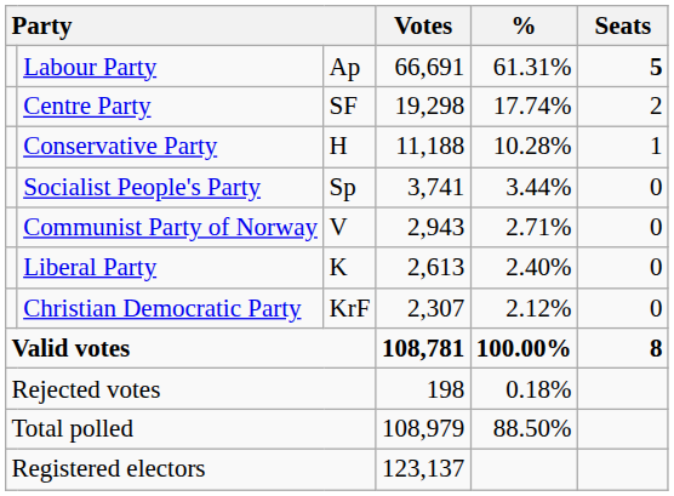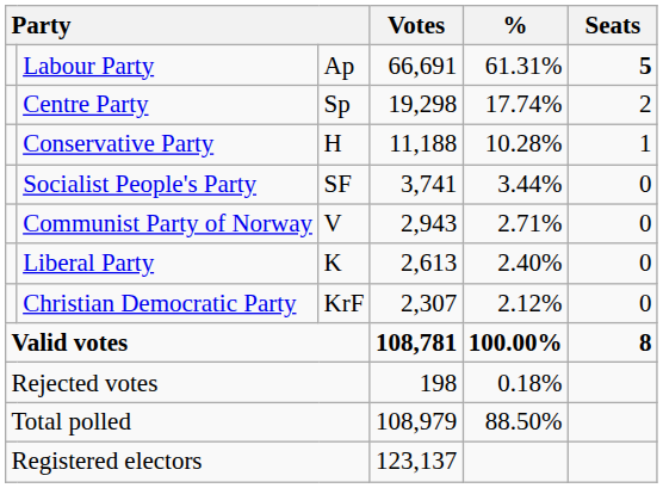 <table class="wikitable" border="1" style="text-align:right;">
 <tr>
 <th style="text-align:left;" colspan=3>Party</th>
 <th align=center width="50">Votes</th>
 <th align=center width="50">%</th>
 <th align=center width="50">Seats</th>
 </tr>
 <tr>
 <td style="color:inherit;background:"></td>
 <td align=left><a href='#'>Labour Party</a></td>
 <td align=left>Ap</td>
 <td>66,691</td>
 <td>61.31%</td>
 <td><strong>5</strong></td>
 </tr>
 <tr>
 <td style="color:inherit;background:"></td>
 <td align=left><a href='#'>Centre Party</a></td>
-<td align=left>SF</td>
+<td align=left>Sp</td>
 <td>19,298</td>
 <td>17.74%</td>
 <td>2</td>
 </tr>
 <tr>
 <td style="color:inherit;background:"></td>
 <td align=left><a href='#'>Conservative Party</a></td>
 <td align=left>H</td>
 <td>11,188</td>
 <td>10.28%</td>
 <td>1</td>
 </tr>
 <tr>
 <td style="color:inherit;background:"></td>
 <td align=left><a href='#'>Socialist People's Party</a></td>
-<td align=left>Sp</td>
+<td align=left>SF</td>
 <td>3,741</td>
 <td>3.44%</td>
 <td>0</td>
 </tr>
 <tr>
 <td style="color:inherit;background:"></td>
 <td align=left><a href='#'>Communist Party of Norway</a></td>
 <td align=left>V</td>
 <td>2,943</td>
 <td>2.71%</td>
 <td>0</td>
 </tr>
 <tr>
 <td style="color:inherit;background:"></td>
 <td align=left><a href='#'>Liberal Party</a></td>
 <td align=left>K</td>
 <td>2,613</td>
 <td>2.40%</td>
 <td>0</td>
 </tr>
 <tr>
 <td style="color:inherit;background:"></td>
 <td align=left><a href='#'>Christian Democratic Party</a></td>
 <td align=left>KrF</td>
 <td>2,307</td>
 <td>2.12%</td>
 <td>0</td>
 </tr>
 <tr style="font-weight:bold">
 <td align=left colspan=3>Valid votes</td>
 <td>108,781</td>
 <td>100.00%</td>
 <td>8</td>
 </tr>
 <tr>
 <td align=left colspan=3>Rejected votes</td>
 <td>198</td>
 <td>0.18%</td>
 <td></td>
 </tr>
 <tr>
 <td align=left colspan=3>Total polled</td>
 <td>108,979</td>
 <td>88.50%</td>
 <td></td>
 </tr>
 <tr>
 <td align=left colspan=3>Registered electors</td>
 <td>123,137</td>
 <td></td>
 <td></td>
 </tr>
 </table>
